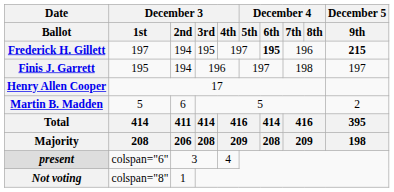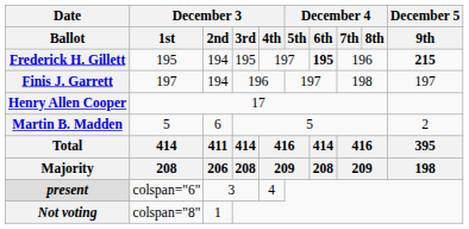 <table class="wikitable sortable" style="text-align:center">
 <tr>
 <th>Date</th>
 <th colspan="4">December 3</th>
 <th colspan="4">December 4</th>
 <th>December 5</th>
 </tr>
 <tr>
 <th>Ballot</th>
 <th>1st</th>
 <th>2nd</th>
 <th>3rd</th>
 <th>4th</th>
 <th>5th</th>
 <th>6th</th>
 <th>7th</th>
 <th>8th</th>
 <th>9th</th>
 </tr>
 <tr>
 <th nowrap><a href='#'>Frederick H. Gillett</a></th>
-<td>197</td>
+<td>195</td>
 <td>194</td>
 <td>195</td>
 <td colspan="2">197</td>
 <td><strong>195</strong></td>
 <td colspan="2">196</td>
 <td><strong>215</strong></td>
 </tr>
 <tr>
 <th><a href='#'>Finis J. Garrett</a></th>
-<td>195</td>
+<td>197</td>
 <td>194</td>
 <td colspan="2">196</td>
 <td colspan="2">197</td>
 <td colspan="2">198</td>
 <td>197</td>
 </tr>
 <tr>
 <th nowrap><a href='#'>Henry Allen Cooper</a></th>
 <td colspan="8">17</td>
 <td></td>
 </tr>
 <tr>
 <th><a href='#'>Martin B. Madden</a></th>
 <td>5</td>
 <td>6</td>
 <td colspan="6">5</td>
 <td>2</td>
 </tr>
 <tr class="sortbottom">
 <th>Total</th>
 <th>414</th>
 <th>411</th>
 <th>414</th>
 <th colspan="2">416</th>
 <th>414</th>
 <th colspan="2">416</th>
 <th>395</th>
 </tr>
 <tr class="sortbottom">
 <th>Majority</th>
 <th>208</th>
 <th>206</th>
 <th>208</th>
 <th colspan="2">209</th>
 <th>208</th>
 <th colspan="2">209</th>
 <th>198</th>
 </tr>
 <tr class="sortbottom">
 <th style="background:#DDD"><em>present</em></th>
 <td>colspan="6" </td>
 <td colspan="2">3</td>
 <td>4</td>
 </tr>
 <tr class="sortbottom">
 <th><em>Not voting</em></th>
 <td>colspan="8" </td>
 <td>1</td>
 </tr>
 </table>
